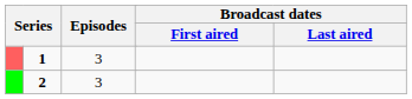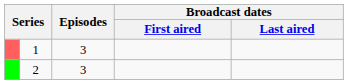 <table class="wikitable plainrowheaders" style=text-align:center>
 <tr>
 <th scope=col style="padding:0 9px" colspan=2 rowspan=2>Series</th>
 <th scope=col style="padding:0 9px" colspan=2 rowspan=2>Episodes</th>
 <th scope=col style="padding:0 90px" colspan=2>Broadcast dates</th>
 </tr>
 <tr>
 <th scope=col><a href='#'>First aired</a></th>
 <th scope=col><a href='#'>Last aired</a></th>
 </tr>
 <tr>
 <td scope=row style=background:#FF5F5F></td>
-<td><strong>1</strong></td>
+<td>1</td>
 <td colspan=2>3</td>
 <td></td>
 <td></td>
 </tr>
 <tr>
 <td scope=row style=background:#00FF00></td>
-<td><strong>2</strong></td>
+<td>2</td>
 <td colspan=2>3</td>
 <td></td>
 <td></td>
 </tr>
 </table>
